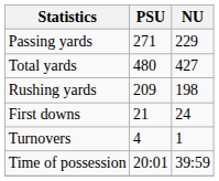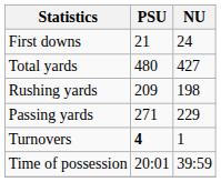 <table class="wikitable">
 <tr>
 <th>Statistics</th>
 <th>PSU</th>
 <th>NU</th>
 </tr>
 <tr>
-<td>Passing yards</td>
-<td>271</td>
-<td>229</td>
+<td>First downs</td>
+<td>21</td>
+<td>24</td>
 </tr>
 <tr>
 <td>Total yards</td>
 <td>480</td>
 <td>427</td>
 </tr>
 <tr>
 <td>Rushing yards</td>
 <td>209</td>
 <td>198</td>
 </tr>
 <tr>
-<td>First downs</td>
-<td>21</td>
-<td>24</td>
+<td>Passing yards</td>
+<td>271</td>
+<td>229</td>
 </tr>
 <tr>
 <td>Turnovers</td>
-<td>4</td>
+<td><strong>4</strong></td>
 <td>1</td>
 </tr>
 <tr>
 <td>Time of possession</td>
 <td>20:01</td>
 <td>39:59</td>
 </tr>
 <tr>
 </tr>
 </table>
